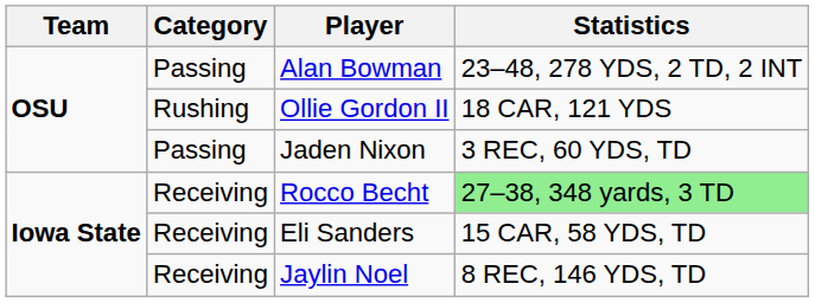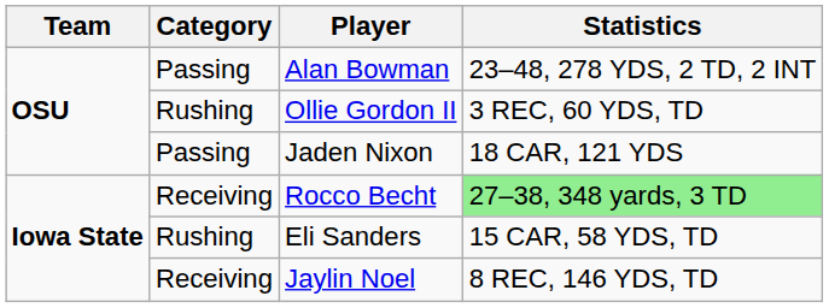 <table class="wikitable" style="float: right;">
 <tr>
 <th>Team</th>
 <th>Category</th>
 <th>Player</th>
 <th>Statistics</th>
 </tr>
 <tr>
 <td rowspan=3><strong>OSU</strong></td>
 <td>Passing</td>
 <td><a href='#'>Alan Bowman</a></td>
 <td>23–48, 278 YDS, 2 TD, 2 INT</td>
 </tr>
 <tr>
 <td>Rushing</td>
 <td><a href='#'>Ollie Gordon II</a></td>
-<td>18 CAR, 121 YDS</td>
+<td>3 REC, 60 YDS, TD</td>
 </tr>
 <tr>
 <td>Passing</td>
 <td>Jaden Nixon</td>
-<td>3 REC, 60 YDS, TD</td>
+<td>18 CAR, 121 YDS</td>
 </tr>
 <tr>
 <td rowspan=3><strong>Iowa State</strong></td>
 <td>Receiving</td>
 <td><a href='#'>Rocco Becht</a></td>
 <td style="background: lightgreen;">27–38, 348 yards, 3 TD</td>
 </tr>
 <tr>
-<td>Receiving</td>
+<td>Rushing</td>
 <td>Eli Sanders</td>
 <td>15 CAR, 58 YDS, TD</td>
 </tr>
 <tr>
 <td>Receiving</td>
 <td><a href='#'>Jaylin Noel</a></td>
 <td>8 REC, 146 YDS, TD</td>
 </tr>
 </table>
